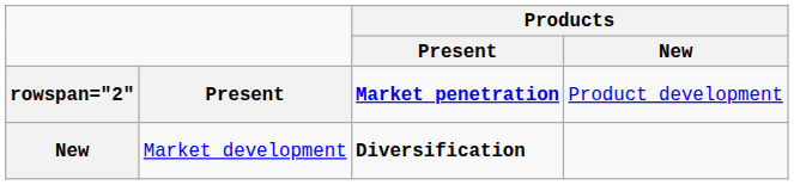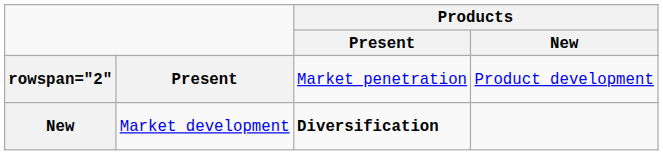 <table class="wikitable">
 <tr>
 <td colspan="2" rowspan="2"></td>
 <th colspan="2">Products</th>
 </tr>
 <tr>
 <th>Present</th>
 <th>New</th>
 </tr>
 <tr style="height: 3em">
 <th>rowspan="2" </th>
 <th>Present</th>
-<td><strong><a href='#'>Market penetration</a></strong></td>
+<td><a href='#'>Market penetration</a></td>
 <td><a href='#'>Product development</a></td>
 </tr>
 <tr style="height: 3em">
 <th>New</th>
 <td><a href='#'>Market development</a></td>
 <td><strong>Diversification</strong></td>
 </tr>
 </table>
